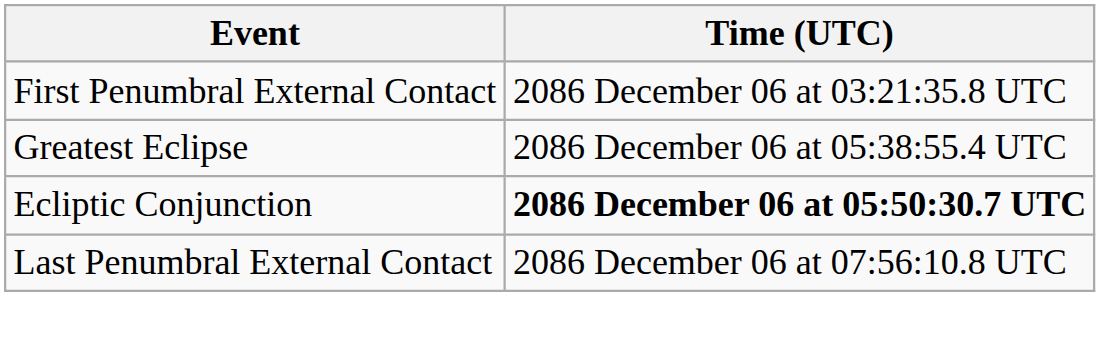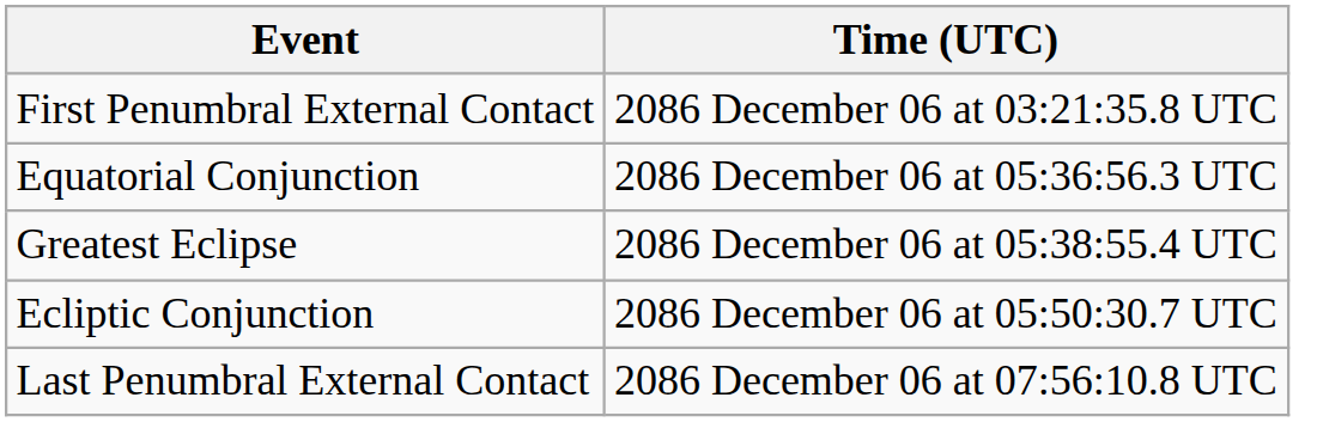 <table class="wikitable">
 <tr>
 <th>Event</th>
 <th>Time (UTC)</th>
 </tr>
 <tr>
 <td>First Penumbral External Contact</td>
 <td>2086 December 06 at 03:21:35.8 UTC</td>
 </tr>
 <tr>
+<td>Equatorial Conjunction</td>
+<td>2086 December 06 at 05:36:56.3 UTC</td>
+</tr>
+<tr>
 <td>Greatest Eclipse</td>
 <td>2086 December 06 at 05:38:55.4 UTC</td>
 </tr>
 <tr>
 <td>Ecliptic Conjunction</td>
-<td><strong>2086 December 06 at 05:50:30.7 UTC</strong></td>
+<td>2086 December 06 at 05:50:30.7 UTC</td>
 </tr>
 <tr>
 <td>Last Penumbral External Contact</td>
 <td>2086 December 06 at 07:56:10.8 UTC</td>
 </tr>
 </table>
